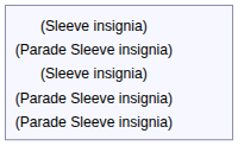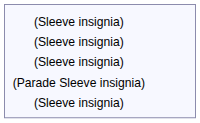 <table style="border:1px solid #8888aa; background-color:#f7f8ff; padding:5px; font-size:95%; margin: 0px 12px 12px 0px;">
 <tr style="text-align:center;">
 <td rowspan=1><small>(Sleeve insignia)</small></td>
 <td colspan=4></td>
 <td colspan=2></td>
 <td colspan=2></td>
 <td colspan=2></td>
 <td colspan=2></td>
 <td colspan=2></td>
 <td colspan=2></td>
 <td colspan=2></td>
 <td colspan=3></td>
 <td colspan=3><br>   </td>
 </tr>
 <tr style="text-align:center;">
-<td rowspan=1><small>(Parade Sleeve insignia)</small></td>
+<td rowspan=1><small>(Sleeve insignia)</small></td>
 <td colspan=10></td>
 <td colspan=2></td>
 <td colspan=2></td>
 <td colspan=2></td>
 <td colspan=2></td>
 <td colspan=3></td>
 <td colspan=3><br> </td>
 </tr>
 <tr style="text-align:center;">
 <td rowspan=1><small>(Sleeve insignia)</small></td>
 <td colspan=8></td>
 <td colspan=2></td>
 <td colspan=2></td>
 <td colspan=2></td>
 <td colspan=2></td>
 <td colspan=2></td>
 <td colspan=3></td>
 <td colspan=3></td>
 </tr>
 <tr style="text-align:center;">
 <td rowspan=1><small>(Parade Sleeve insignia)</small></td>
 <td colspan=8></td>
 <td colspan=2></td>
 <td colspan=2></td>
 <td colspan=2></td>
 <td colspan=2></td>
 <td colspan=2></td>
 <td colspan=3></td>
 <td colspan=3><br> </td>
 </tr>
 <tr style="text-align:center;">
-<td rowspan=1><small>(Parade Sleeve insignia)</small></td>
+<td rowspan=1><small>(Sleeve insignia)</small></td>
 <td colspan=18></td>
 <td colspan=1></td>
 <td colspan=2></td>
 <td colspan=3><br></td>
 </tr>
 </table>
